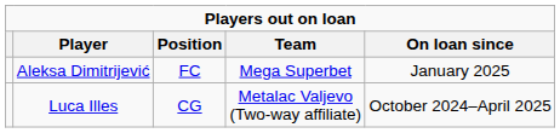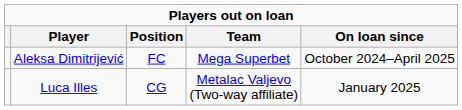 <table class="wikitable sortable" style="font-size: 95%; text-align:center;">
 <tr>
 <td colspan=6><strong>Players out on loan</strong></td>
 </tr>
 <tr>
 <th></th>
 <th>Player</th>
 <th>Position</th>
 <th>Team</th>
 <th>On loan since</th>
 </tr>
 <tr>
 <td></td>
 <td><a href='#'>Aleksa Dimitrijević</a></td>
 <td><a href='#'>FC</a></td>
 <td> <a href='#'>Mega Superbet</a></td>
-<td>January 2025</td>
+<td>October 2024–April 2025</td>
 </tr>
 <tr>
 <td></td>
 <td><a href='#'>Luca Illes</a></td>
 <td><a href='#'>CG</a></td>
 <td> <a href='#'>Metalac Valjevo</a><br>(Two-way affiliate)</td>
-<td>October 2024–April 2025</td>
+<td>January 2025</td>
 </tr>
 </table>
